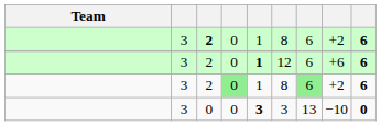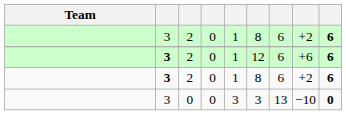 <table class="wikitable" style="text-align: center;">
 <tr>
 <th width=175>Team</th>
 <th width=20></th>
 <th width=20></th>
 <th width=20></th>
 <th width=20></th>
 <th width=20></th>
 <th width=20></th>
 <th width=20></th>
 <th width=20></th>
 </tr>
 <tr bgcolor="#ccffcc">
 <td style="text-align:left;"></td>
 <td>3</td>
-<td><strong>2</strong></td>
+<td>2</td>
 <td>0</td>
 <td>1</td>
 <td>8</td>
 <td>6</td>
 <td>+2</td>
 <td><strong>6</strong></td>
 </tr>
 <tr align=center>
 </tr>
 <tr bgcolor="#ccffcc">
 <td style="text-align:left;"><em></em></td>
-<td>3</td>
+<td><strong>3</strong></td>
 <td>2</td>
 <td>0</td>
-<td><strong>1</strong></td>
+<td>1</td>
 <td>12</td>
 <td>6</td>
 <td>+6</td>
 <td><strong>6</strong></td>
 </tr>
 <tr align=center>
 <td style="text-align:left;"></td>
-<td>3</td>
+<td><strong>3</strong></td>
 <td>2</td>
-<td style="background: lightgreen;">0</td>
+<td>0</td>
 <td>1</td>
 <td>8</td>
-<td style="background: lightgreen;">6</td>
+<td>6</td>
 <td>+2</td>
 <td><strong>6</strong></td>
 </tr>
 <tr align=center>
 <td style="text-align:left;"></td>
 <td>3</td>
 <td>0</td>
 <td>0</td>
-<td><strong>3</strong></td>
+<td>3</td>
 <td>3</td>
 <td>13</td>
 <td>−10</td>
 <td><strong>0</strong></td>
 </tr>
 </table>
